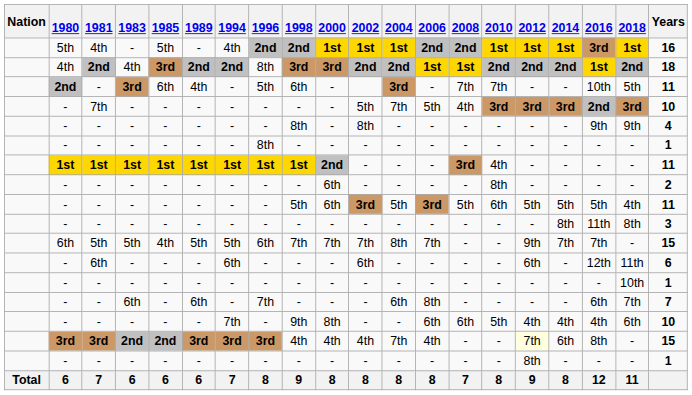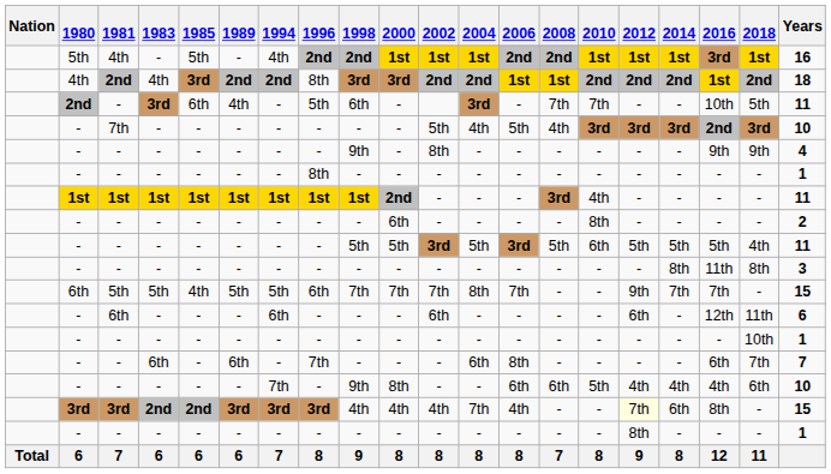 <table class="wikitable" style="text-align:center; font-size:90%">
 <tr>
 <th>Nation</th>
 <th><br><a href='#'>1980</a></th>
 <th><br><a href='#'>1981</a></th>
 <th><br><a href='#'>1983</a></th>
 <th><br><a href='#'>1985</a></th>
 <th><br><a href='#'>1989</a></th>
 <th><br><a href='#'>1994</a></th>
 <th><br><a href='#'>1996</a></th>
 <th><br><a href='#'>1998</a></th>
 <th><br><a href='#'>2000</a></th>
 <th><br><a href='#'>2002</a></th>
 <th><br><a href='#'>2004</a></th>
 <th><br><a href='#'>2006</a></th>
 <th><br><a href='#'>2008</a></th>
 <th><br><a href='#'>2010</a></th>
 <th><br><a href='#'>2012</a></th>
 <th><br><a href='#'>2014</a></th>
 <th><br><a href='#'>2016</a></th>
 <th><br> <a href='#'>2018</a></th>
 <th>Years</th>
 </tr>
 <tr>
 <td align=left></td>
 <td>5th</td>
 <td>4th</td>
 <td>-</td>
 <td>5th</td>
 <td>-</td>
 <td>4th</td>
 <td bgcolor=silver><strong>2nd</strong></td>
 <td bgcolor=silver><strong>2nd</strong></td>
 <td bgcolor=gold><strong>1st</strong></td>
 <td bgcolor=gold><strong>1st</strong></td>
 <td bgcolor=gold><strong>1st</strong></td>
 <td bgcolor=silver><strong>2nd</strong></td>
 <td bgcolor=silver><strong>2nd</strong></td>
 <td bgcolor=gold><strong>1st</strong></td>
 <td bgcolor=gold><strong>1st</strong></td>
 <td bgcolor=gold><strong>1st</strong></td>
 <td bgcolor=#cc9966><strong>3rd</strong></td>
 <td bgcolor=gold><strong>1st</strong></td>
 <td><strong>16</strong></td>
 </tr>
 <tr>
 <td align=left></td>
 <td>4th</td>
 <td bgcolor=silver><strong>2nd</strong></td>
 <td>4th</td>
 <td bgcolor=#cc9966><strong>3rd</strong></td>
 <td bgcolor=silver><strong>2nd</strong></td>
 <td bgcolor=silver><strong>2nd</strong></td>
 <td>8th</td>
 <td bgcolor=#cc9966><strong>3rd</strong></td>
 <td bgcolor=#cc9966><strong>3rd</strong></td>
 <td bgcolor=silver><strong>2nd</strong></td>
 <td bgcolor=silver><strong>2nd</strong></td>
 <td bgcolor=gold><strong>1st</strong></td>
 <td bgcolor=gold><strong>1st</strong></td>
 <td bgcolor=silver><strong>2nd</strong></td>
 <td bgcolor=silver><strong>2nd</strong></td>
 <td bgcolor=silver><strong>2nd</strong></td>
 <td bgcolor=gold><strong>1st</strong></td>
 <td bgcolor=silver><strong>2nd</strong></td>
 <td><strong>18</strong></td>
 </tr>
 <tr>
 <td align=left></td>
 <td bgcolor=silver><strong>2nd</strong></td>
 <td>-</td>
 <td bgcolor=#cc9966><strong>3rd</strong></td>
 <td>6th</td>
 <td>4th</td>
 <td>-</td>
 <td>5th</td>
 <td>6th</td>
 <td>-</td>
 <td></td>
 <td bgcolor=#cc9966><strong>3rd</strong></td>
 <td>-</td>
 <td>7th</td>
 <td>7th</td>
 <td>-</td>
 <td>-</td>
 <td>10th</td>
 <td>5th</td>
 <td><strong>11</strong></td>
 </tr>
 <tr>
 <td align=left></td>
 <td>-</td>
 <td>7th</td>
 <td>-</td>
 <td>-</td>
 <td>-</td>
 <td>-</td>
 <td>-</td>
 <td>-</td>
 <td>-</td>
 <td>5th</td>
-<td>7th</td>
+<td>4th</td>
 <td>5th</td>
 <td>4th</td>
 <td bgcolor=#cc9966><strong>3rd</strong></td>
 <td bgcolor=#cc9966><strong>3rd</strong></td>
 <td bgcolor=#cc9966><strong>3rd</strong></td>
 <td bgcolor=silver><strong>2nd</strong></td>
 <td bgcolor=#cc9966><strong>3rd</strong></td>
 <td><strong>10</strong></td>
 </tr>
 <tr>
 <td align=left></td>
 <td>-</td>
 <td>-</td>
 <td>-</td>
 <td>-</td>
 <td>-</td>
 <td>-</td>
 <td>-</td>
-<td>8th</td>
+<td>9th</td>
 <td>-</td>
 <td>8th</td>
 <td>-</td>
 <td>-</td>
 <td>-</td>
 <td>-</td>
 <td>-</td>
 <td>-</td>
 <td>9th</td>
 <td>9th</td>
 <td><strong>4</strong></td>
 </tr>
 <tr>
 <td align=left></td>
 <td>-</td>
 <td>-</td>
 <td>-</td>
 <td>-</td>
 <td>-</td>
 <td>-</td>
 <td>8th</td>
 <td>-</td>
 <td>-</td>
 <td>-</td>
 <td>-</td>
 <td>-</td>
 <td>-</td>
 <td>-</td>
 <td>-</td>
 <td>-</td>
 <td>-</td>
 <td>-</td>
 <td><strong>1</strong></td>
 </tr>
 <tr>
 <td align=left></td>
 <td bgcolor=gold><strong>1st</strong></td>
 <td bgcolor=gold><strong>1st</strong></td>
 <td bgcolor=gold><strong>1st</strong></td>
 <td bgcolor=gold><strong>1st</strong></td>
 <td bgcolor=gold><strong>1st</strong></td>
 <td bgcolor=gold><strong>1st</strong></td>
 <td bgcolor=gold><strong>1st</strong></td>
 <td bgcolor=gold><strong>1st</strong></td>
 <td bgcolor=silver><strong>2nd</strong></td>
 <td>-</td>
 <td>-</td>
 <td>-</td>
 <td bgcolor=#cc9966><strong>3rd</strong></td>
 <td>4th</td>
 <td>-</td>
 <td>-</td>
 <td>-</td>
 <td>-</td>
 <td><strong>11</strong></td>
 </tr>
 <tr>
 <td align=left></td>
 <td>-</td>
 <td>-</td>
 <td>-</td>
 <td>-</td>
 <td>-</td>
 <td>-</td>
 <td>-</td>
 <td>-</td>
 <td>6th</td>
 <td>-</td>
 <td>-</td>
 <td>-</td>
 <td>-</td>
 <td>8th</td>
 <td>-</td>
 <td>-</td>
 <td>-</td>
 <td>-</td>
 <td><strong>2</strong></td>
 </tr>
 <tr>
 <td align=left></td>
 <td>-</td>
 <td>-</td>
 <td>-</td>
 <td>-</td>
 <td>-</td>
 <td>-</td>
 <td>-</td>
 <td>5th</td>
-<td>6th</td>
+<td>5th</td>
 <td bgcolor=#cc9966><strong>3rd</strong></td>
 <td>5th</td>
 <td bgcolor=#cc9966><strong>3rd</strong></td>
 <td>5th</td>
 <td>6th</td>
 <td>5th</td>
 <td>5th</td>
 <td>5th</td>
 <td>4th</td>
 <td><strong>11</strong></td>
 </tr>
 <tr>
 <td align=left></td>
 <td>-</td>
 <td>-</td>
 <td>-</td>
 <td>-</td>
 <td>-</td>
 <td>-</td>
 <td>-</td>
 <td>-</td>
 <td>-</td>
 <td>-</td>
 <td>-</td>
 <td>-</td>
 <td>-</td>
 <td>-</td>
 <td>-</td>
 <td>8th</td>
 <td>11th</td>
 <td>8th</td>
 <td><strong>3</strong></td>
 </tr>
 <tr>
 <td align=left></td>
 <td>6th</td>
 <td>5th</td>
 <td>5th</td>
 <td>4th</td>
 <td>5th</td>
 <td>5th</td>
 <td>6th</td>
 <td>7th</td>
 <td>7th</td>
 <td>7th</td>
 <td>8th</td>
 <td>7th</td>
 <td>-</td>
 <td>-</td>
 <td>9th</td>
 <td>7th</td>
 <td>7th</td>
 <td>-</td>
 <td><strong>15</strong></td>
 </tr>
 <tr>
 <td align=left></td>
 <td>-</td>
 <td>6th</td>
 <td>-</td>
 <td>-</td>
 <td>-</td>
 <td>6th</td>
 <td>-</td>
 <td>-</td>
 <td>-</td>
 <td>6th</td>
 <td>-</td>
 <td>-</td>
 <td>-</td>
 <td>-</td>
 <td>6th</td>
 <td>-</td>
 <td>12th</td>
 <td>11th</td>
 <td><strong>6</strong></td>
 </tr>
 <tr>
 <td align=left></td>
 <td>-</td>
 <td>-</td>
 <td>-</td>
 <td>-</td>
 <td>-</td>
 <td>-</td>
 <td>-</td>
 <td>-</td>
 <td>-</td>
 <td>-</td>
 <td>-</td>
 <td>-</td>
 <td>-</td>
 <td>-</td>
 <td>-</td>
 <td>-</td>
 <td>-</td>
 <td>10th</td>
 <td><strong>1</strong></td>
 </tr>
 <tr>
 <td align=left></td>
 <td>-</td>
 <td>-</td>
 <td>6th</td>
 <td>-</td>
 <td>6th</td>
 <td>-</td>
 <td>7th</td>
 <td>-</td>
 <td>-</td>
 <td>-</td>
 <td>6th</td>
 <td>8th</td>
 <td>-</td>
 <td>-</td>
 <td>-</td>
 <td>-</td>
 <td>6th</td>
 <td>7th</td>
 <td><strong>7</strong></td>
 </tr>
 <tr>
 <td align=left></td>
 <td>-</td>
 <td>-</td>
 <td>-</td>
 <td>-</td>
 <td>-</td>
 <td>7th</td>
 <td>-</td>
 <td>9th</td>
 <td>8th</td>
 <td>-</td>
 <td>-</td>
 <td>6th</td>
 <td>6th</td>
 <td>5th</td>
 <td>4th</td>
 <td>4th</td>
 <td>4th</td>
 <td>6th</td>
 <td><strong>10</strong></td>
 </tr>
 <tr>
 <td align=left></td>
 <td bgcolor=#cc9966><strong>3rd</strong></td>
 <td bgcolor=#cc9966><strong>3rd</strong></td>
 <td bgcolor=silver><strong>2nd</strong></td>
 <td bgcolor=silver><strong>2nd</strong></td>
 <td bgcolor=#cc9966><strong>3rd</strong></td>
 <td bgcolor=#cc9966><strong>3rd</strong></td>
 <td bgcolor=#cc9966><strong>3rd</strong></td>
 <td>4th</td>
 <td>4th</td>
 <td>4th</td>
 <td>7th</td>
 <td>4th</td>
 <td>-</td>
 <td>-</td>
 <td style="background: lightyellow;">7th</td>
 <td>6th</td>
 <td>8th</td>
 <td>-</td>
 <td><strong>15</strong></td>
 </tr>
 <tr>
 <td align=left></td>
 <td>-</td>
 <td>-</td>
 <td>-</td>
 <td>-</td>
 <td>-</td>
 <td>-</td>
 <td>-</td>
 <td>-</td>
 <td>-</td>
 <td>-</td>
 <td>-</td>
 <td>-</td>
 <td>-</td>
 <td>-</td>
 <td>8th</td>
 <td>-</td>
 <td>-</td>
 <td>-</td>
 <td><strong>1</strong></td>
 </tr>
 <tr>
 <th>Total</th>
 <th>6</th>
 <th>7</th>
 <th>6</th>
 <th>6</th>
 <th>6</th>
 <th>7</th>
 <th>8</th>
 <th>9</th>
 <th>8</th>
 <th>8</th>
 <th>8</th>
 <th>8</th>
 <th>7</th>
 <th>8</th>
 <th>9</th>
 <th>8</th>
 <th>12</th>
 <th>11</th>
 <th></th>
 </tr>
 </table>
